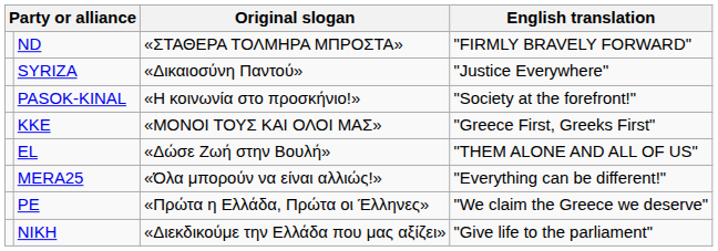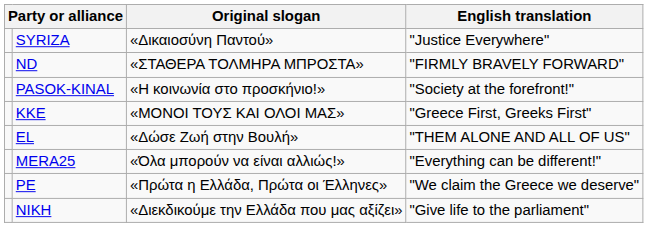 <table class="wikitable" style="font-size:97%; text-align:left;">
 <tr>
 <th style="text-align:left;" colspan="2">Party or alliance</th>
 <th>Original slogan</th>
 <th>English translation</th>
 </tr>
 <tr>
+<td></td>
+<td><a href='#'>SYRIZA</a></td>
+<td>«Δικαιοσύνη Παντού»</td>
+<td>"Justice Everywhere"</td>
+</tr>
+<tr>
 <td width="1"></td>
 <td><a href='#'>ND</a></td>
 <td>«ΣΤΑΘΕΡΑ ΤΟΛΜΗΡΑ ΜΠΡΟΣΤΑ»</td>
 <td>"FIRMLY BRAVELY FORWARD"</td>
-</tr>
-<tr>
-<td></td>
-<td><a href='#'>SYRIZA</a></td>
-<td>«Δικαιοσύνη Παντού»</td>
-<td>"Justice Everywhere"</td>
 </tr>
 <tr>
 <td></td>
 <td><a href='#'>PASOK-KINAL</a></td>
 <td>«Η κοινωνία στο προσκήνιο!»</td>
 <td>"Society at the forefront!"</td>
 </tr>
 <tr>
 <td></td>
 <td><a href='#'>KKE</a></td>
 <td>«ΜΟΝΟΙ ΤΟΥΣ ΚΑΙ ΟΛΟΙ ΜΑΣ»</td>
 <td>"Greece First, Greeks First"</td>
 </tr>
 <tr>
 <td></td>
 <td><a href='#'>EL</a></td>
 <td>«Δώσε Ζωή στην Βουλή»</td>
 <td>"THEM ALONE AND ALL OF US"</td>
 </tr>
 <tr>
 <td></td>
 <td><a href='#'>MERA25</a></td>
 <td>«Όλα μπορούν να είναι αλλιώς!»</td>
 <td>"Everything can be different!"</td>
 </tr>
 <tr>
 <td></td>
 <td><a href='#'>PE</a></td>
 <td>«Πρώτα η Ελλάδα, Πρώτα οι Έλληνες»</td>
 <td>"We claim the Greece we deserve"</td>
 </tr>
 <tr>
 <td></td>
 <td><a href='#'>NIKH</a></td>
 <td>«Διεκδικούμε την Ελλάδα που μας αξίζει»</td>
 <td>"Give life to the parliament"</td>
 </tr>
 </table>
